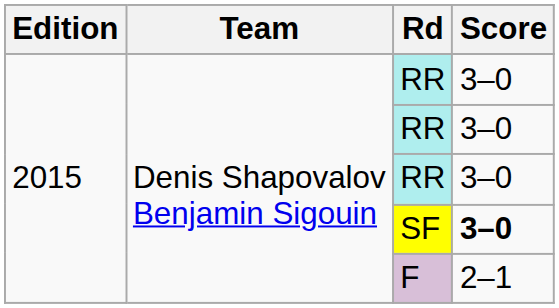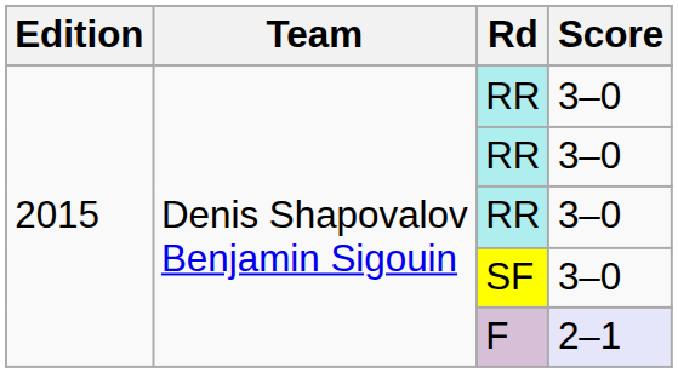 <table class="wikitable sortable">
 <tr>
 <th scope="col" class="unsortable">Edition</th>
 <th scope="col" class="unsortable">Team</th>
 <th scope="col">Rd</th>
 <th scope="col" class="unsortable">Score</th>
 </tr>
 <tr>
 <td rowspan="6">2015</td>
 <td rowspan="6"><br>Denis Shapovalov<br><a href='#'>Benjamin Sigouin</a></td>
 </tr>
 <tr>
 <td bgcolor=afeeee data-sort-value="1R">RR</td>
 <td> 3–0 </td>
 </tr>
 <tr>
 <td bgcolor=afeeee data-sort-value="1R">RR</td>
 <td> 3–0 </td>
 </tr>
 <tr>
 <td bgcolor=afeeee data-sort-value="1R">RR</td>
 <td> 3–0 </td>
 </tr>
 <tr>
 <td bgcolor=yellow data-sort-value="7R">SF</td>
-<td><strong> 3–0 </strong></td>
+<td> 3–0 </td>
 </tr>
 <tr>
 <td bgcolor=thistle data-sort-value="8R">F</td>
-<td> 2–1 </td>
+<td style="background: lavender;"> 2–1 </td>
 </tr>
 </table>
